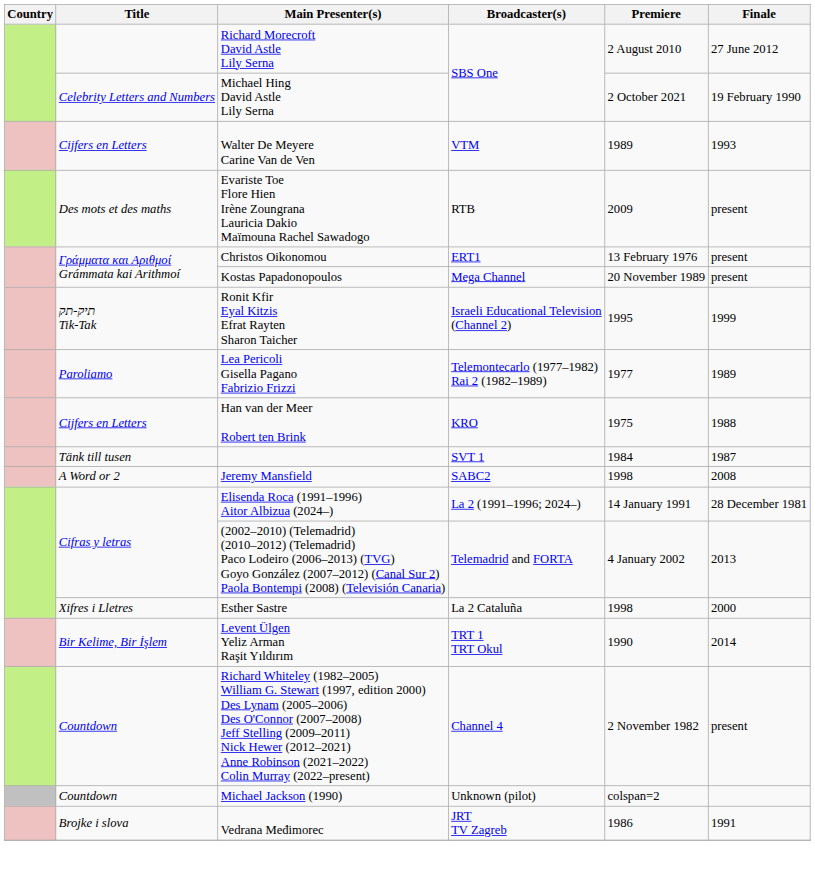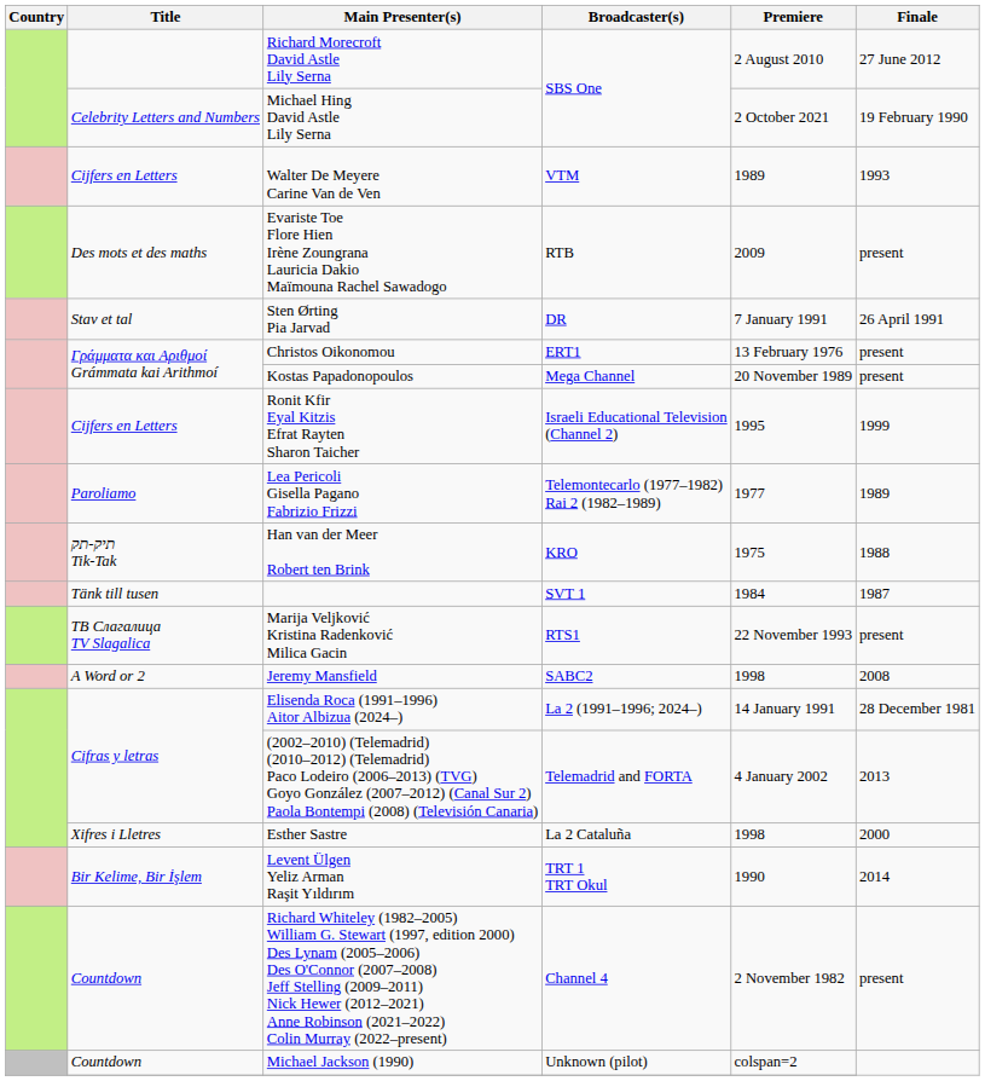 <table class="wikitable" style="text-align:left">
 <tr>
 <th>Country</th>
 <th>Title</th>
 <th>Main Presenter(s)</th>
 <th>Broadcaster(s)</th>
 <th>Premiere</th>
 <th>Finale</th>
 </tr>
 <tr>
 <td rowspan=2 style="background-color: #C2EF86"></td>
 <td></td>
 <td><a href='#'>Richard Morecroft</a><br><a href='#'>David Astle</a><br><a href='#'>Lily Serna</a></td>
 <td rowspan="2"><a href='#'>SBS One</a></td>
 <td>2 August 2010</td>
 <td>27 June 2012</td>
 </tr>
 <tr>
 <td><em><a href='#'>Celebrity Letters and Numbers</a></em></td>
 <td>Michael Hing<br>David Astle<br>Lily Serna</td>
 <td>2 October 2021</td>
 <td>19 February 1990</td>
 </tr>
 <tr>
 <td style="background-color: #EFC2C2"> </td>
 <td><em><a href='#'>Cijfers en Letters</a></em></td>
 <td><br>Walter De Meyere<br>Carine Van de Ven</td>
 <td><a href='#'>VTM</a></td>
 <td>1989</td>
 <td>1993</td>
 </tr>
 <tr>
 <td style="background-color: #C2EF86"></td>
 <td><em>Des mots et des maths</em></td>
 <td>Evariste Toe<br>Flore Hien<br>Irène Zoungrana<br>Lauricia Dakio<br>Maïmouna Rachel Sawadogo</td>
 <td>RTB</td>
 <td>2009</td>
 <td>present</td>
 </tr>
 <tr>
+<td style="background-color: #EFC2C2"></td>
+<td><em>Stav et tal</em></td>
+<td>Sten Ørting<br>Pia Jarvad</td>
+<td><a href='#'>DR</a></td>
+<td>7 January 1991</td>
+<td>26 April 1991</td>
+</tr>
+<tr>
 <td rowspan="2" style="background-color: #EFC2C2"></td>
 <td rowspan="2"><em><a href='#'>Γράμματα και Αριθμοί</a></em><br><em>Grámmata kai Arithmoí</em></td>
 <td>Christos Oikonomou</td>
 <td><a href='#'>ERT1</a></td>
 <td>13 February 1976</td>
 <td>present</td>
 </tr>
 <tr>
 <td>Kostas Papadonopoulos</td>
 <td><a href='#'>Mega Channel</a></td>
 <td>20 November 1989</td>
 <td>present</td>
 </tr>
 <tr>
 <td style="background-color: #EFC2C2"></td>
-<td><em>תיק-תק</em><br><em>Tik-Tak</em></td>
+<td><em><a href='#'>Cijfers en Letters</a></em></td>
 <td>Ronit Kfir<br><a href='#'>Eyal Kitzis</a><br>Efrat Rayten<br>Sharon Taicher</td>
 <td><a href='#'>Israeli Educational Television</a><br>(<a href='#'>Channel 2</a>)</td>
 <td>1995</td>
 <td>1999</td>
 </tr>
 <tr>
 <td style="background-color: #EFC2C2"></td>
 <td><em><a href='#'>Paroliamo</a></em></td>
 <td><a href='#'>Lea Pericoli</a><br>Gisella Pagano<br><a href='#'>Fabrizio Frizzi</a><br></td>
 <td><a href='#'>Telemontecarlo</a> (1977–1982)<br><a href='#'>Rai 2</a> (1982–1989)</td>
 <td>1977</td>
 <td>1989</td>
 </tr>
 <tr>
 <td style="background-color: #EFC2C2"></td>
-<td><em><a href='#'>Cijfers en Letters</a></em></td>
+<td><em>תיק-תק</em><br><em>Tik-Tak</em></td>
 <td>Han van der Meer<br><br><a href='#'>Robert ten Brink</a><br></td>
 <td><a href='#'>KRO</a></td>
 <td>1975</td>
 <td>1988</td>
 </tr>
 <tr>
 <td style="background-color: #EFC2C2"></td>
 <td><em>Tänk till tusen</em></td>
 <td></td>
 <td><a href='#'>SVT 1</a></td>
 <td>1984</td>
 <td>1987</td>
+</tr>
+<tr>
+<td style="background-color: #C2EF86"></td>
+<td><em>ТВ Слагалица</em><br><em><a href='#'>TV Slagalica</a></em></td>
+<td>Marija Veljković<br>Kristina Radenković<br>Milica Gacin</td>
+<td><a href='#'>RTS1</a></td>
+<td>22 November 1993</td>
+<td>present</td>
 </tr>
 <tr>
 <td style="background-color: #EFC2C2"></td>
 <td><em>A Word or 2</em></td>
 <td><a href='#'>Jeremy Mansfield</a></td>
 <td><a href='#'>SABC2</a></td>
 <td>1998</td>
 <td>2008</td>
 </tr>
 <tr>
 <td rowspan="3" style="background-color: #C2EF86"></td>
 <td rowspan="2"><em><a href='#'>Cifras y letras</a></em></td>
 <td><a href='#'>Elisenda Roca</a> (1991–1996)<br><a href='#'>Aitor Albizua</a> (2024–)</td>
 <td><a href='#'>La 2</a> (1991–1996; 2024–)</td>
 <td>14 January 1991</td>
 <td>28 December 1981</td>
 </tr>
 <tr>
 <td> (2002–2010) (Telemadrid)<br> (2010–2012) (Telemadrid)<br>Paco Lodeiro (2006–2013) (<a href='#'>TVG</a>)<br>Goyo González (2007–2012) (<a href='#'>Canal Sur 2</a>)<br><a href='#'>Paola Bontempi</a> (2008) (<a href='#'>Televisión Canaria</a>)</td>
 <td><a href='#'>Telemadrid</a> and <a href='#'>FORTA</a></td>
 <td>4 January 2002</td>
 <td>2013</td>
 </tr>
 <tr>
 <td><em>Xifres i Lletres</em></td>
 <td>Esther Sastre</td>
 <td>La 2 Cataluña</td>
 <td>1998</td>
 <td>2000</td>
 </tr>
 <tr>
 <td style="background-color: #EFC2C2"></td>
 <td><em><a href='#'>Bir Kelime, Bir İşlem</a></em></td>
 <td><a href='#'>Levent Ülgen</a><br>Yeliz Arman<br>Raşit Yıldırım</td>
 <td><a href='#'>TRT 1</a><br><a href='#'>TRT Okul</a></td>
 <td>1990</td>
 <td>2014</td>
 </tr>
 <tr>
 <td style="background-color: #C2EF86"></td>
 <td><em><a href='#'>Countdown</a></em></td>
 <td><a href='#'>Richard Whiteley</a> (1982–2005)<br><a href='#'>William G. Stewart</a> (1997, edition 2000)<br><a href='#'>Des Lynam</a> (2005–2006)<br><a href='#'>Des O'Connor</a> (2007–2008)<br><a href='#'>Jeff Stelling</a> (2009–2011)<br><a href='#'>Nick Hewer</a> (2012–2021) <br><a href='#'>Anne Robinson</a> (2021–2022)<br><a href='#'>Colin Murray</a> (2022–present)</td>
 <td><a href='#'>Channel 4</a></td>
 <td>2 November 1982</td>
 <td>present</td>
 </tr>
 <tr>
 <td style="background-color:silver"></td>
 <td><em>Countdown</em></td>
 <td><a href='#'>Michael Jackson</a> (1990)</td>
 <td>Unknown (pilot)</td>
 <td>colspan=2 </td>
 </tr>
 <tr>
-<td style="background-color: #EFC2C2"></td>
-<td><em>Brojke i slova</em></td>
-<td><br>Vedrana Međimorec</td>
-<td><a href='#'>JRT</a><br><a href='#'>TV Zagreb</a></td>
-<td>1986</td>
-<td>1991</td>
-</tr>
-<tr>
 </tr>
 </table>
